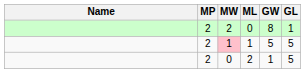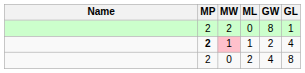 <table class=wikitable style="text-align:center">
 <tr>
 <th width=300>Name</th>
 <th width=20>MP</th>
 <th width=20>MW</th>
 <th width=20>ML</th>
 <th width=20>GW</th>
 <th width=20>GL</th>
 </tr>
 <tr style="background-color:#ccffcc;">
 <td style="text-align:left;"><strong></strong></td>
 <td>2</td>
 <td>2</td>
 <td>0</td>
 <td>8</td>
 <td>1</td>
 </tr>
 <tr>
 <td style="text-align:left;"></td>
-<td>2</td>
+<td><strong>2</strong></td>
 <td style="background: pink;">1</td>
 <td>1</td>
-<td>5</td>
-<td>5</td>
+<td>2</td>
+<td>4</td>
 </tr>
 <tr>
 <td style="text-align:left;"></td>
 <td>2</td>
 <td>0</td>
 <td>2</td>
-<td>1</td>
-<td>5</td>
+<td>4</td>
+<td>8</td>
 </tr>
 </table>
